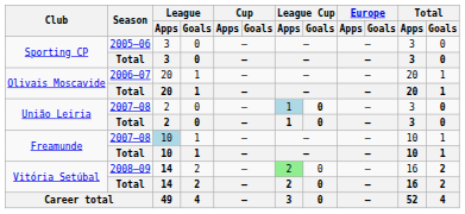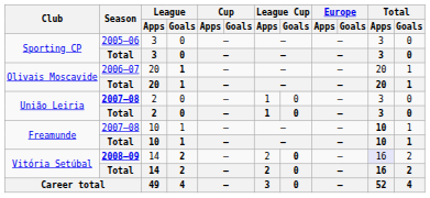 <table class="wikitable" style="text-align: center;">
 <tr>
 <th rowspan="2">Club</th>
 <th rowspan="2">Season</th>
 <th colspan="2">League</th>
 <th colspan="2">Cup</th>
 <th colspan="2">League Cup</th>
 <th colspan="2"><a href='#'>Europe</a></th>
 <th colspan="2">Total</th>
 </tr>
 <tr>
 <th>Apps</th>
 <th>Goals</th>
 <th>Apps</th>
 <th>Goals</th>
 <th>Apps</th>
 <th>Goals</th>
 <th>Apps</th>
 <th>Goals</th>
 <th>Apps</th>
 <th>Goals</th>
 </tr>
 <tr>
 <td rowspan="2" valign="center"><a href='#'>Sporting CP</a></td>
 <td><a href='#'>2005–06</a></td>
 <td>3</td>
 <td>0</td>
 <td colspan="2">–</td>
 <td colspan="2">–</td>
 <td colspan="2">–</td>
 <td>3</td>
 <td>0</td>
 </tr>
 <tr>
 <th>Total</th>
 <th>3</th>
 <th>0</th>
 <th colspan="2">–</th>
 <th colspan="2">–</th>
 <th colspan="2">–</th>
 <th>3</th>
 <th>0</th>
 </tr>
 <tr>
 <td rowspan="2" valign="center"><a href='#'>Olivais Moscavide</a></td>
 <td><a href='#'>2006–07</a></td>
 <td>20</td>
-<td>1</td>
+<td><strong>1</strong></td>
 <td colspan="2">–</td>
 <td colspan="2">–</td>
 <td colspan="2">–</td>
 <td>20</td>
 <td>1</td>
 </tr>
 <tr>
 <th>Total</th>
 <th>20</th>
 <th>1</th>
 <th colspan="2">–</th>
 <th colspan="2">–</th>
 <th colspan="2">–</th>
 <th>20</th>
 <th>1</th>
 </tr>
 <tr>
 <td rowspan="2" valign="center"><a href='#'>União Leiria</a></td>
-<td><a href='#'>2007–08</a></td>
+<td><strong><a href='#'>2007–08</a></strong></td>
 <td>2</td>
 <td>0</td>
 <td colspan="2">–</td>
-<td style="background: lightblue;">1</td>
-<td><strong>0</strong></td>
+<td>1</td>
+<td>0</td>
 <td colspan="2">–</td>
 <td>3</td>
-<td><strong>0</strong></td>
+<td>0</td>
 </tr>
 <tr>
 <th>Total</th>
 <th>2</th>
 <th>0</th>
 <th colspan="2">–</th>
 <th>1</th>
 <th>0</th>
 <th colspan="2">–</th>
 <th>3</th>
 <th>0</th>
 </tr>
 <tr>
 <td rowspan="2" valign="center"><a href='#'>Freamunde</a></td>
 <td><a href='#'>2007–08</a></td>
-<td style="background: lightblue;">10</td>
+<td>10</td>
 <td>1</td>
 <td colspan="2">–</td>
 <td colspan="2">–</td>
 <td colspan="2">–</td>
-<td>10</td>
+<td><strong>10</strong></td>
 <td>1</td>
 </tr>
 <tr>
 <th>Total</th>
 <th>10</th>
 <th>1</th>
 <th colspan="2">–</th>
 <th colspan="2">–</th>
 <th colspan="2">–</th>
 <th>10</th>
 <th>1</th>
 </tr>
 <tr>
 <td rowspan="2" valign="center"><a href='#'>Vitória Setúbal</a></td>
-<td><a href='#'>2008–09</a></td>
-<td><strong>14</strong></td>
+<td><strong><a href='#'>2008–09</a></strong></td>
+<td>14</td>
+<td><strong>2</strong></td>
+<td colspan="2">–</td>
 <td>2</td>
+<td><strong>0</strong></td>
 <td colspan="2">–</td>
-<td style="background: lightgreen;">2</td>
-<td>0</td>
-<td colspan="2">–</td>
-<td>16</td>
-<td><strong>2</strong></td>
+<td style="background: lavender;">16</td>
+<td>2</td>
 </tr>
 <tr>
 <th>Total</th>
 <th>14</th>
 <th>2</th>
 <th colspan="2">–</th>
 <th>2</th>
 <th>0</th>
 <th colspan="2">–</th>
 <th>16</th>
 <th>2</th>
 </tr>
 <tr>
 <th colspan="2">Career total</th>
 <th>49</th>
 <th>4</th>
 <th colspan="2">–</th>
 <th>3</th>
 <th>0</th>
 <th colspan="2">–</th>
 <th>52</th>
 <th>4</th>
 </tr>
 </table>
